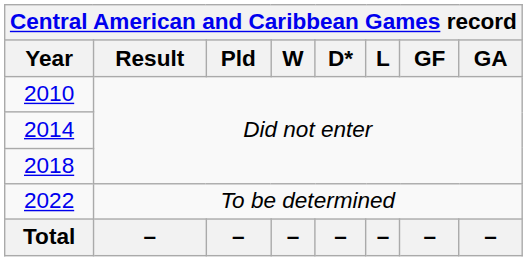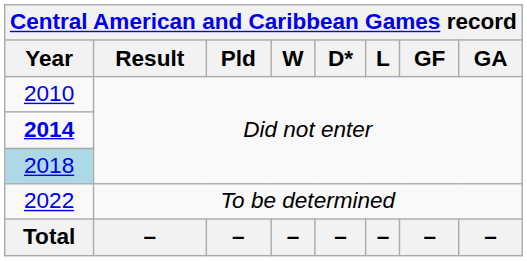 <table class="wikitable" style="text-align: center;">
 <tr>
 <th colspan=8><a href='#'>Central American and Caribbean Games</a> record</th>
 </tr>
 <tr>
 <th>Year</th>
 <th>Result</th>
 <th>Pld</th>
 <th>W</th>
 <th>D*</th>
 <th>L</th>
 <th>GF</th>
 <th>GA</th>
 </tr>
 <tr>
 <td> <a href='#'>2010</a></td>
 <td colspan=8 rowspan=3><em>Did not enter</em></td>
 </tr>
 <tr>
-<td> <a href='#'>2014</a></td>
+<td><strong> <a href='#'>2014</a></strong></td>
 </tr>
 <tr>
-<td> <a href='#'>2018</a></td>
+<td style="background: lightblue;"> <a href='#'>2018</a></td>
 </tr>
 <tr>
 <td> <a href='#'>2022</a></td>
 <td colspan=8><em>To be determined</em></td>
 </tr>
 <tr>
 <th>Total</th>
 <th>–</th>
 <th>–</th>
 <th>–</th>
 <th>–</th>
 <th>–</th>
 <th>–</th>
 <th>–</th>
 </tr>
 </table>
